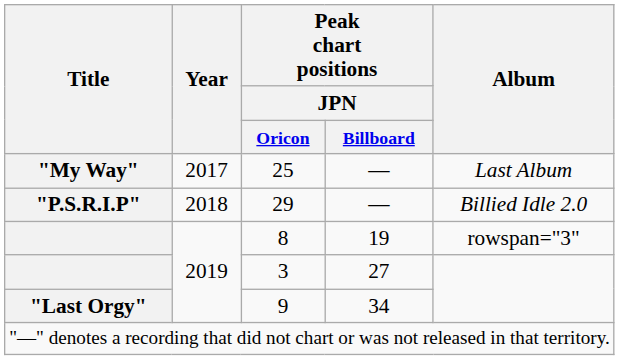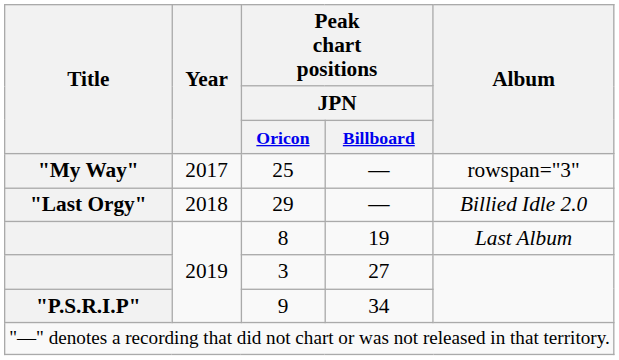 <table class="wikitable plainrowheaders" style="text-align:center;">
 <tr>
 <th scope="col" rowspan="3">Title</th>
 <th scope="col" rowspan="3">Year</th>
 <th scope="col" colspan="2">Peak <br> chart <br> positions</th>
 <th scope="col" rowspan="3">Album</th>
 </tr>
 <tr>
 <th colspan="2">JPN</th>
 </tr>
 <tr>
 <th scope="col" colspan="1"><small><a href='#'>Oricon</a></small><br></th>
 <th scope="col" colspan="1"><small><a href='#'>Billboard</a></small><br></th>
 </tr>
 <tr>
 <th scope="row">"My Way"</th>
 <td>2017</td>
 <td>25</td>
 <td>—</td>
-<td><em>Last Album</em></td>
+<td>rowspan="3" </td>
 </tr>
 <tr>
-<th scope="row">"P.S.R.I.P"</th>
+<th scope="row">"Last Orgy"</th>
 <td>2018</td>
 <td>29</td>
 <td>—</td>
 <td><em>Billied Idle 2.0</em></td>
 </tr>
 <tr>
 <th scope="row"></th>
 <td rowspan="3">2019</td>
 <td>8</td>
 <td>19</td>
-<td>rowspan="3" </td>
+<td><em>Last Album</em></td>
 </tr>
 <tr>
 <th scope="row"></th>
 <td>3</td>
 <td>27</td>
 </tr>
 <tr>
-<th scope="row">"Last Orgy"</th>
+<th scope="row">"P.S.R.I.P"</th>
 <td>9</td>
 <td>34</td>
 </tr>
 <tr>
 <td align="center" colspan="5" style="font-size:90%">"—" denotes a recording that did not chart or was not released in that territory.</td>
 </tr>
 </table>
